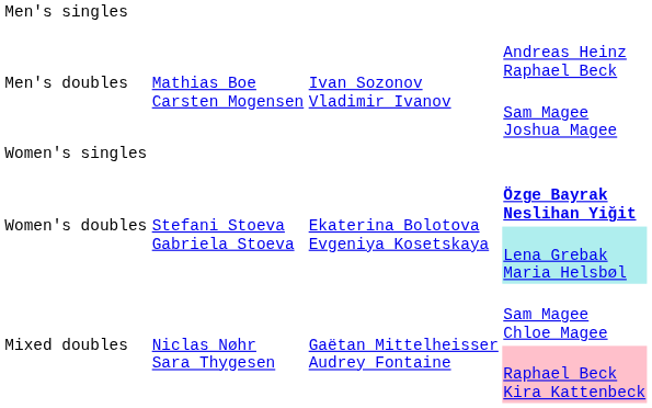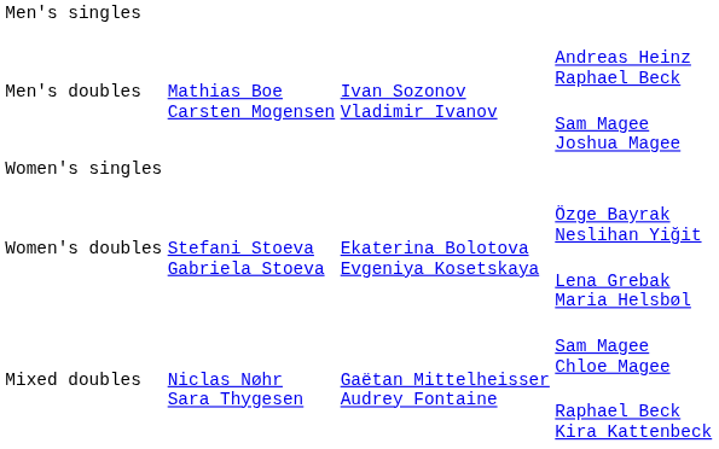 <table>
 <tr>
 <td rowspan="2">Men's singles<br></td>
 <td rowspan="2"></td>
 <td rowspan="2"></td>
 <td></td>
 </tr>
 <tr>
 <td></td>
 </tr>
 <tr>
 <td rowspan="2">Men's doubles<br></td>
 <td rowspan="2"><br><a href='#'>Mathias Boe</a><br><a href='#'>Carsten Mogensen</a></td>
 <td rowspan="2"><br><a href='#'>Ivan Sozonov</a><br><a href='#'>Vladimir Ivanov</a></td>
 <td><br><a href='#'>Andreas Heinz</a><br><a href='#'>Raphael Beck</a></td>
 </tr>
 <tr>
 <td><br><a href='#'>Sam Magee</a><br><a href='#'>Joshua Magee</a></td>
 </tr>
 <tr>
 <td rowspan="2">Women's singles<br></td>
 <td rowspan="2"></td>
 <td rowspan="2"></td>
 <td></td>
 </tr>
 <tr>
 <td></td>
 </tr>
 <tr>
 <td rowspan="2">Women's doubles<br></td>
 <td rowspan="2"><br><a href='#'>Stefani Stoeva</a><br><a href='#'>Gabriela Stoeva</a></td>
 <td rowspan="2"><br><a href='#'>Ekaterina Bolotova</a><br><a href='#'>Evgeniya Kosetskaya</a></td>
-<td><strong><br><a href='#'>Özge Bayrak</a><br><a href='#'>Neslihan Yiğit</a></strong></td>
+<td><br><a href='#'>Özge Bayrak</a><br><a href='#'>Neslihan Yiğit</a></td>
 </tr>
 <tr>
-<td style="background: paleturquoise;"><br><a href='#'>Lena Grebak</a><br><a href='#'>Maria Helsbøl</a></td>
+<td><br><a href='#'>Lena Grebak</a><br><a href='#'>Maria Helsbøl</a></td>
 </tr>
 <tr>
 <td rowspan="2">Mixed doubles<br></td>
 <td rowspan="2"><br><a href='#'>Niclas Nøhr</a><br><a href='#'>Sara Thygesen</a></td>
 <td rowspan="2"><br><a href='#'>Gaëtan Mittelheisser</a><br><a href='#'>Audrey Fontaine</a></td>
 <td><br><a href='#'>Sam Magee</a><br><a href='#'>Chloe Magee</a></td>
 </tr>
 <tr>
-<td style="background: pink;"><br><a href='#'>Raphael Beck</a><br><a href='#'>Kira Kattenbeck</a></td>
+<td><br><a href='#'>Raphael Beck</a><br><a href='#'>Kira Kattenbeck</a></td>
 </tr>
 </table>
